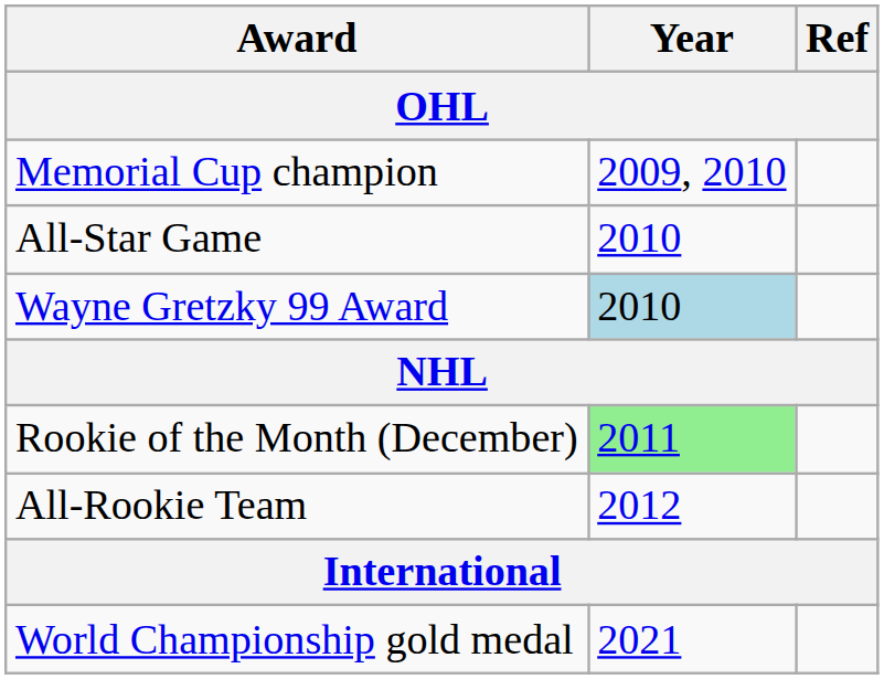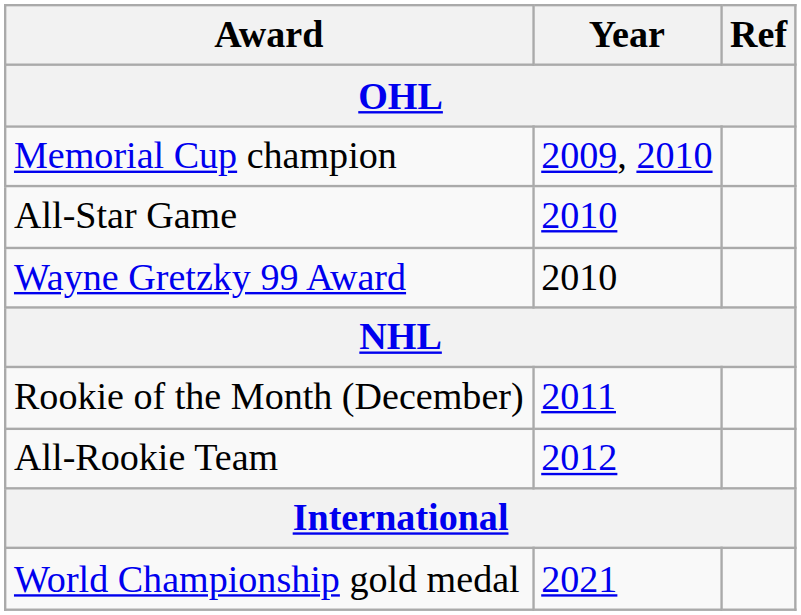 <table class="wikitable">
 <tr>
 <th>Award</th>
 <th>Year</th>
 <th>Ref</th>
 </tr>
 <tr>
 <th colspan="3"><a href='#'>OHL</a></th>
 </tr>
 <tr>
 <td><a href='#'>Memorial Cup</a> champion</td>
 <td><a href='#'>2009</a>, <a href='#'>2010</a></td>
 <td></td>
 </tr>
 <tr>
 <td>All-Star Game</td>
 <td><a href='#'>2010</a></td>
 <td></td>
 </tr>
 <tr>
 <td><a href='#'>Wayne Gretzky 99 Award</a></td>
-<td style="background: lightblue;">2010</td>
+<td>2010</td>
 <td></td>
 </tr>
 <tr>
 <th colspan="3"><a href='#'>NHL</a></th>
 </tr>
 <tr>
 <td>Rookie of the Month (December)</td>
-<td style="background: lightgreen;"><a href='#'>2011</a></td>
+<td><a href='#'>2011</a></td>
 <td></td>
 </tr>
 <tr>
 <td>All-Rookie Team</td>
 <td><a href='#'>2012</a></td>
 <td></td>
 </tr>
 <tr>
 <th colspan="3"><a href='#'>International</a></th>
 </tr>
 <tr>
 <td><a href='#'>World Championship</a> gold medal</td>
 <td><a href='#'>2021</a></td>
 <td></td>
 </tr>
 </table>
